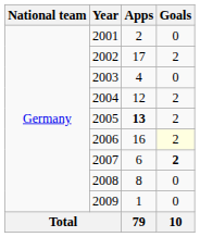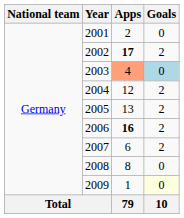 <table class="wikitable" style="text-align:center">
 <tr>
 <th>National team</th>
 <th>Year</th>
 <th>Apps</th>
 <th>Goals</th>
 </tr>
 <tr>
 <td rowspan="9"><a href='#'>Germany</a></td>
 <td>2001</td>
 <td>2</td>
 <td>0</td>
 </tr>
 <tr>
 <td>2002</td>
-<td>17</td>
+<td><strong>17</strong></td>
 <td>2</td>
 </tr>
 <tr>
 <td>2003</td>
-<td>4</td>
-<td>0</td>
+<td style="background: lightsalmon;">4</td>
+<td style="background: lightblue;">0</td>
 </tr>
 <tr>
 <td>2004</td>
 <td>12</td>
 <td>2</td>
 </tr>
 <tr>
 <td>2005</td>
-<td><strong>13</strong></td>
+<td>13</td>
 <td>2</td>
 </tr>
 <tr>
 <td>2006</td>
-<td>16</td>
-<td style="background: lightyellow;">2</td>
+<td><strong>16</strong></td>
+<td>2</td>
 </tr>
 <tr>
 <td>2007</td>
 <td>6</td>
-<td><strong>2</strong></td>
+<td>2</td>
 </tr>
 <tr>
 <td>2008</td>
 <td>8</td>
 <td>0</td>
 </tr>
 <tr>
 <td>2009</td>
 <td>1</td>
-<td>0</td>
+<td style="background: lightyellow;">0</td>
 </tr>
 <tr>
 <th colspan="2">Total</th>
 <th>79</th>
 <th>10</th>
 </tr>
 </table>
